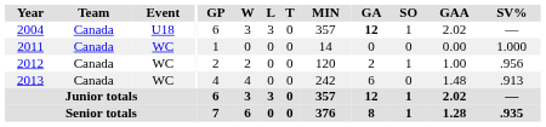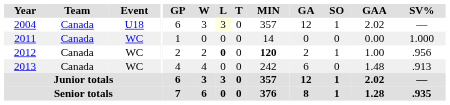 <table border="0" cellpadding="1" cellspacing="0" ID="Table3" style="text-align:center; width:40em;">
 <tr bgcolor="#e0e0e0">
 <th>Year</th>
 <th>Team</th>
 <th>Event</th>
 <th rowspan="99" bgcolor="#ffffff"></th>
 <th>GP</th>
 <th>W</th>
 <th>L</th>
 <th>T</th>
 <th>MIN</th>
 <th>GA</th>
 <th>SO</th>
 <th>GAA</th>
 <th>SV%</th>
 </tr>
 <tr>
 <td><a href='#'>2004</a></td>
 <td><a href='#'>Canada</a></td>
 <td><a href='#'>U18</a></td>
 <td>6</td>
 <td>3</td>
-<td>3</td>
+<td style="background: lightyellow;">3</td>
 <td>0</td>
 <td>357</td>
-<td><strong>12</strong></td>
+<td>12</td>
 <td>1</td>
 <td>2.02</td>
 <td>—</td>
 </tr>
 <tr bgcolor="#f0f0f0">
 <td><a href='#'>2011</a></td>
 <td><a href='#'>Canada</a></td>
 <td><a href='#'>WC</a></td>
 <td>1</td>
 <td>0</td>
 <td>0</td>
 <td>0</td>
 <td>14</td>
 <td>0</td>
 <td>0</td>
 <td>0.00</td>
 <td>1.000</td>
 </tr>
 <tr>
 <td><a href='#'>2012</a></td>
 <td>Canada</td>
 <td>WC</td>
 <td>2</td>
 <td>2</td>
+<td><strong>0</strong></td>
 <td>0</td>
-<td>0</td>
-<td>120</td>
+<td><strong>120</strong></td>
 <td>2</td>
 <td>1</td>
 <td>1.00</td>
 <td>.956</td>
 </tr>
 <tr bgcolor="#f0f0f0">
 <td><a href='#'>2013</a></td>
 <td>Canada</td>
 <td>WC</td>
 <td>4</td>
 <td>4</td>
 <td>0</td>
 <td>0</td>
 <td>242</td>
 <td>6</td>
 <td>0</td>
 <td>1.48</td>
 <td>.913</td>
 </tr>
 <tr bgcolor="#e0e0e0">
 <th colspan="4">Junior totals</th>
 <th>6</th>
 <th>3</th>
 <th>3</th>
 <th>0</th>
 <th>357</th>
 <th>12</th>
 <th>1</th>
 <th>2.02</th>
 <th>—</th>
 </tr>
 <tr bgcolor="#e0e0e0">
 <th colspan="4">Senior totals</th>
 <th>7</th>
 <th>6</th>
 <th>0</th>
 <th>0</th>
 <th>376</th>
 <th>8</th>
 <th>1</th>
 <th>1.28</th>
 <th>.935</th>
 </tr>
 </table>
